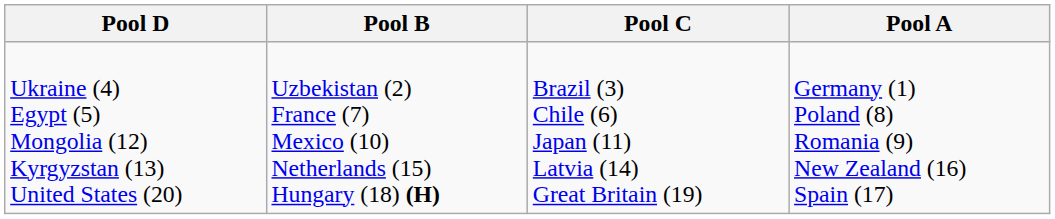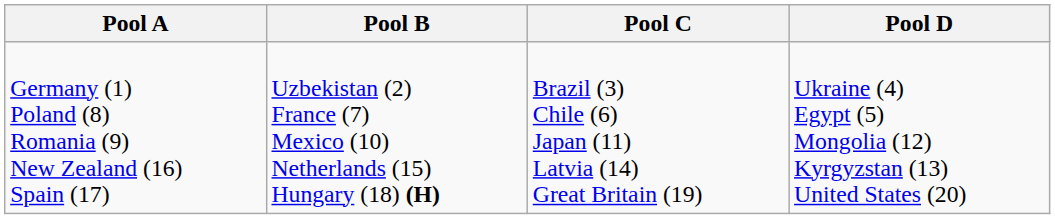 <table class="wikitable" width=80%>
 <tr>
-<th width=25%><strong>Pool D</strong></th>
+<th width=25%><strong>Pool A</strong></th>
 <th width=25%><strong>Pool B</strong></th>
 <th width=25%><strong>Pool C</strong></th>
-<th width=25%><strong>Pool A</strong></th>
+<th width=25%><strong>Pool D</strong></th>
 </tr>
 <tr>
-<td><br> <a href='#'>Ukraine</a> (4) <br>  <a href='#'>Egypt</a> (5) <br>  <a href='#'>Mongolia</a> (12) <br>  <a href='#'>Kyrgyzstan</a>  (13) <br>  <a href='#'>United States</a> (20) <br></td>
+<td><br> <a href='#'>Germany</a> (1) <br>  <a href='#'>Poland</a> (8) <br>  <a href='#'>Romania</a> (9) <br>  <a href='#'>New Zealand</a> (16) <br>  <a href='#'>Spain</a> (17) <br></td>
 <td><br> <a href='#'>Uzbekistan</a> (2) <br>  <a href='#'>France</a> (7)<br>   <a href='#'>Mexico</a> (10)<br>   <a href='#'>Netherlands</a> (15) <br>  <a href='#'>Hungary</a> (18) <strong>(H)</strong> <br></td>
 <td><br> <a href='#'>Brazil</a> (3) <br>   <a href='#'>Chile</a> (6) <br>   <a href='#'>Japan</a> (11) <br>   <a href='#'>Latvia</a> (14) <br>  <a href='#'>Great Britain</a> (19) <br></td>
-<td><br> <a href='#'>Germany</a> (1) <br>  <a href='#'>Poland</a> (8) <br>  <a href='#'>Romania</a> (9) <br>  <a href='#'>New Zealand</a> (16) <br>  <a href='#'>Spain</a> (17) <br></td>
+<td><br> <a href='#'>Ukraine</a> (4) <br>  <a href='#'>Egypt</a> (5) <br>  <a href='#'>Mongolia</a> (12) <br>  <a href='#'>Kyrgyzstan</a>  (13) <br>  <a href='#'>United States</a> (20) <br></td>
 </tr>
 </table>
